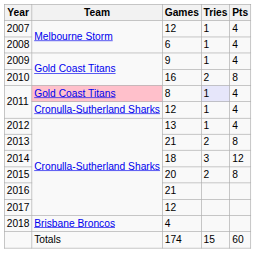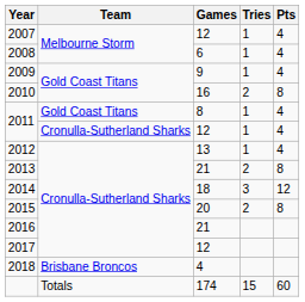 <table class="wikitable">
 <tr>
 <th>Year</th>
 <th>Team</th>
 <th>Games</th>
 <th>Tries</th>
 <th>Pts</th>
 </tr>
 <tr>
 <td>2007</td>
 <td rowspan="2"> <a href='#'>Melbourne Storm</a></td>
 <td>12</td>
 <td>1</td>
 <td>4</td>
 </tr>
 <tr>
 <td>2008</td>
 <td>6</td>
 <td>1</td>
 <td>4</td>
 </tr>
 <tr>
 <td>2009</td>
 <td rowspan="2"> <a href='#'>Gold Coast Titans</a></td>
 <td>9</td>
 <td>1</td>
 <td>4</td>
 </tr>
 <tr>
 <td>2010</td>
 <td>16</td>
 <td>2</td>
 <td>8</td>
 </tr>
 <tr>
 <td rowspan="2">2011</td>
-<td style="background: pink;"> <a href='#'>Gold Coast Titans</a></td>
+<td> <a href='#'>Gold Coast Titans</a></td>
 <td>8</td>
-<td style="background: lavender;">1</td>
+<td>1</td>
 <td>4</td>
 </tr>
 <tr>
 <td> <a href='#'>Cronulla-Sutherland Sharks</a></td>
 <td>12</td>
 <td>1</td>
 <td>4</td>
 </tr>
 <tr>
 <td>2012</td>
 <td rowspan="6"> <a href='#'>Cronulla-Sutherland Sharks</a></td>
 <td>13</td>
 <td>1</td>
 <td>4</td>
 </tr>
 <tr>
 <td>2013</td>
 <td>21</td>
 <td>2</td>
 <td>8</td>
 </tr>
 <tr>
 <td>2014</td>
 <td>18</td>
 <td>3</td>
 <td>12</td>
 </tr>
 <tr>
 <td>2015</td>
 <td>20</td>
 <td>2</td>
 <td>8</td>
 </tr>
 <tr>
 <td>2016</td>
 <td>21</td>
 <td></td>
 <td></td>
 </tr>
 <tr>
 <td>2017</td>
 <td>12</td>
 <td></td>
 <td></td>
 </tr>
 <tr>
 <td>2018</td>
 <td> <a href='#'>Brisbane Broncos</a></td>
 <td>4</td>
 <td></td>
 <td></td>
 </tr>
 <tr>
 <td></td>
 <td>Totals</td>
 <td>174</td>
 <td>15</td>
 <td>60</td>
 </tr>
 </table>
